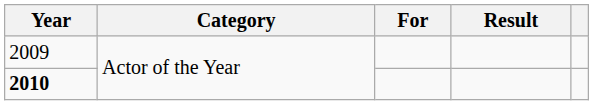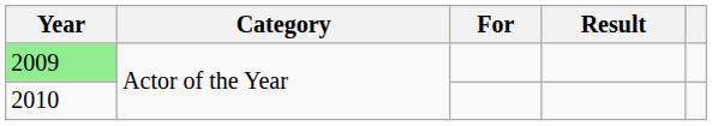 <table class="wikitable sortableplainrowheaders" style="width:75%;">
 <tr>
 <th scope="col">Year</th>
 <th scope="col">Category</th>
 <th scope="col">For</th>
 <th scope="col">Result</th>
 <th scope="col"></th>
 </tr>
 <tr>
-<td>2009</td>
+<td style="background: lightgreen;">2009</td>
 <td rowspan="2">Actor of the Year</td>
 <td></td>
 <td></td>
 <td style="text-align:center;"></td>
 </tr>
 <tr>
-<td><strong>2010</strong></td>
+<td>2010</td>
 <td></td>
 <td></td>
 <td style="text-align:center;"></td>
 </tr>
 </table>
